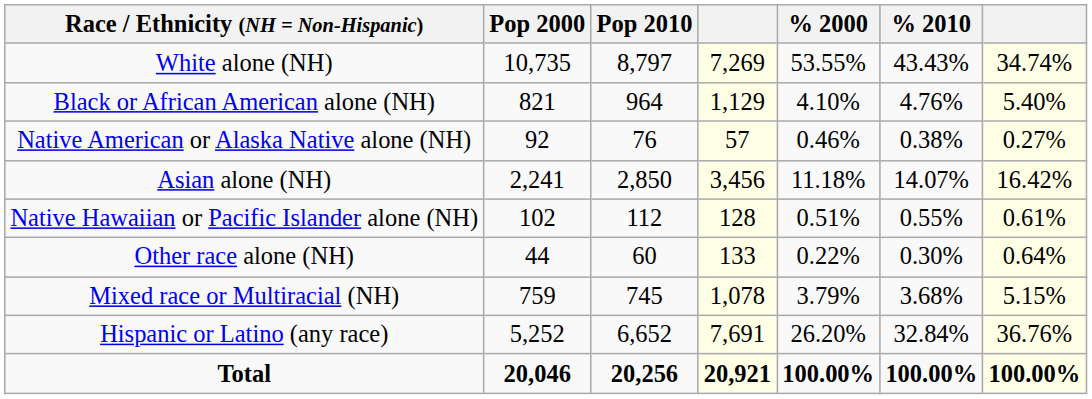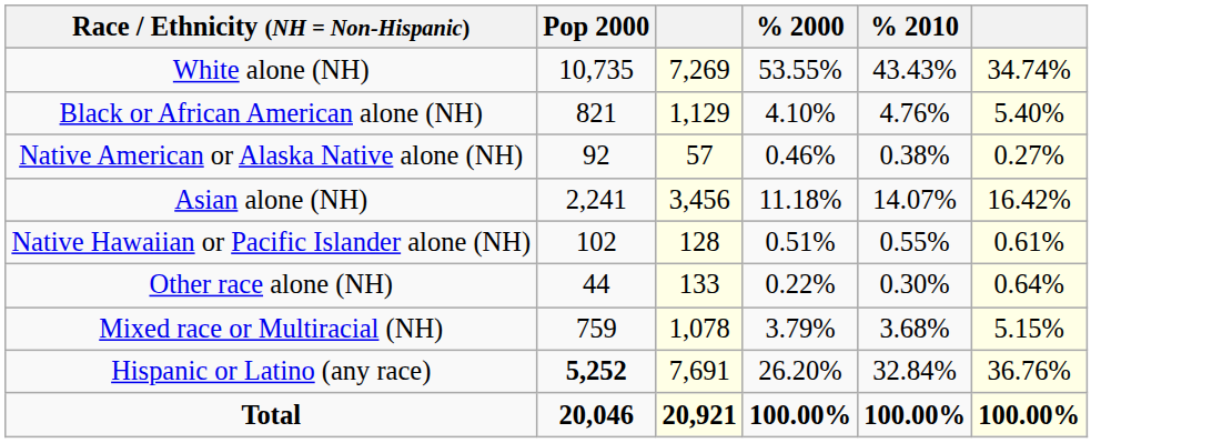 <table class="wikitable" style="text-align:center;">
 <tr>
 <th>Race / Ethnicity <small>(<em>NH = Non-Hispanic</em>)</small></th>
 <th>Pop 2000</th>
-<th>Pop 2010</th>
 <th></th>
 <th>% 2000</th>
 <th>% 2010</th>
 <th></th>
 </tr>
 <tr>
 <td><a href='#'>White</a> alone (NH)</td>
 <td>10,735</td>
-<td>8,797</td>
 <td style='background: #ffffe6;'>7,269</td>
 <td>53.55%</td>
 <td>43.43%</td>
 <td style='background: #ffffe6;'>34.74%</td>
 </tr>
 <tr>
 <td><a href='#'>Black or African American</a> alone (NH)</td>
 <td>821</td>
-<td>964</td>
 <td style='background: #ffffe6;'>1,129</td>
 <td>4.10%</td>
 <td>4.76%</td>
 <td style='background: #ffffe6;'>5.40%</td>
 </tr>
 <tr>
 <td><a href='#'>Native American</a> or <a href='#'>Alaska Native</a> alone (NH)</td>
 <td>92</td>
-<td>76</td>
 <td style='background: #ffffe6;'>57</td>
 <td>0.46%</td>
 <td>0.38%</td>
 <td style='background: #ffffe6;'>0.27%</td>
 </tr>
 <tr>
 <td><a href='#'>Asian</a> alone (NH)</td>
 <td>2,241</td>
-<td>2,850</td>
 <td style='background: #ffffe6;'>3,456</td>
 <td>11.18%</td>
 <td>14.07%</td>
 <td style='background: #ffffe6;'>16.42%</td>
 </tr>
 <tr>
 <td><a href='#'>Native Hawaiian</a> or <a href='#'>Pacific Islander</a> alone (NH)</td>
 <td>102</td>
-<td>112</td>
 <td style='background: #ffffe6;'>128</td>
 <td>0.51%</td>
 <td>0.55%</td>
 <td style='background: #ffffe6;'>0.61%</td>
 </tr>
 <tr>
 <td><a href='#'>Other race</a> alone (NH)</td>
 <td>44</td>
-<td>60</td>
 <td style='background: #ffffe6;'>133</td>
 <td>0.22%</td>
 <td>0.30%</td>
 <td style='background: #ffffe6;'>0.64%</td>
 </tr>
 <tr>
 <td><a href='#'>Mixed race or Multiracial</a> (NH)</td>
 <td>759</td>
-<td>745</td>
 <td style='background: #ffffe6;'>1,078</td>
 <td>3.79%</td>
 <td>3.68%</td>
 <td style='background: #ffffe6;'>5.15%</td>
 </tr>
 <tr>
 <td><a href='#'>Hispanic or Latino</a> (any race)</td>
-<td>5,252</td>
-<td>6,652</td>
+<td><strong>5,252</strong></td>
 <td style='background: #ffffe6;'>7,691</td>
 <td>26.20%</td>
 <td>32.84%</td>
 <td style='background: #ffffe6;'>36.76%</td>
 </tr>
 <tr>
 <td><strong>Total</strong></td>
 <td><strong>20,046</strong></td>
-<td><strong>20,256</strong></td>
 <td style='background: #ffffe6;'><strong>20,921</strong></td>
 <td><strong>100.00%</strong></td>
 <td><strong>100.00%</strong></td>
 <td style='background: #ffffe6;'><strong>100.00%</strong></td>
 </tr>
 </table>
